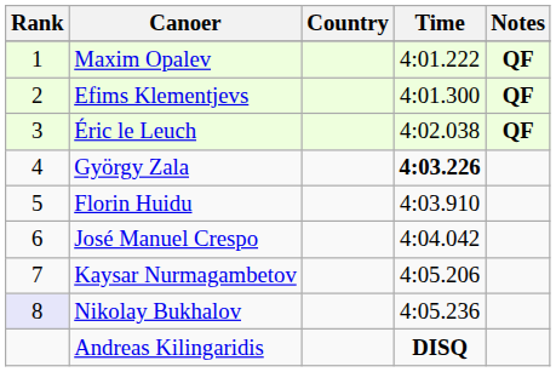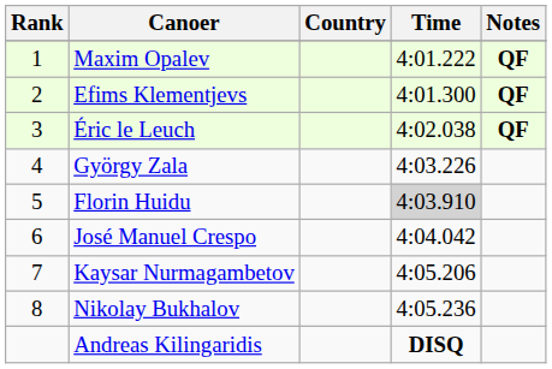 <table class="wikitable sortable" style="text-align:center">
 <tr>
 <th>Rank</th>
 <th>Canoer</th>
 <th>Country</th>
 <th>Time</th>
 <th>Notes</th>
 </tr>
 <tr>
 </tr>
 <tr bgcolor = "eeffdd">
 <td align="center">1</td>
 <td align="left"><a href='#'>Maxim Opalev</a></td>
 <td align="left"></td>
 <td align="center">4:01.222</td>
 <td align="center"><strong>QF</strong></td>
 </tr>
 <tr bgcolor = "eeffdd">
 <td align="center">2</td>
 <td align="left"><a href='#'>Efims Klementjevs</a></td>
 <td align="left"></td>
 <td align="center">4:01.300</td>
 <td align="center"><strong>QF</strong></td>
 </tr>
 <tr bgcolor = "eeffdd">
 <td align="center">3</td>
 <td align="left"><a href='#'>Éric le Leuch</a></td>
 <td align="left"></td>
 <td align="center">4:02.038</td>
 <td align="center"><strong>QF</strong></td>
 </tr>
 <tr>
 <td align="center">4</td>
 <td align="left"><a href='#'>György Zala</a></td>
 <td align="left"></td>
-<td align="center"><strong>4:03.226</strong></td>
+<td align="center">4:03.226</td>
 <td align="center"></td>
 </tr>
 <tr>
 <td align="center">5</td>
 <td align="left"><a href='#'>Florin Huidu</a></td>
 <td align="left"></td>
-<td align="center">4:03.910</td>
+<td align="center" style="background: lightgrey;">4:03.910</td>
 <td align="center"></td>
 </tr>
 <tr>
 <td align="center">6</td>
 <td align="left"><a href='#'>José Manuel Crespo</a></td>
 <td align="left"></td>
 <td align="center">4:04.042</td>
 <td align="center"></td>
 </tr>
 <tr>
 <td align="center">7</td>
 <td align="left"><a href='#'>Kaysar Nurmagambetov</a></td>
 <td align="left"></td>
 <td align="center">4:05.206</td>
 <td align="center"></td>
 </tr>
 <tr>
-<td align="center" style="background: lavender;">8</td>
+<td align="center">8</td>
 <td align="left"><a href='#'>Nikolay Bukhalov</a></td>
 <td align="left"></td>
 <td align="center">4:05.236</td>
 <td align="center"></td>
 </tr>
 <tr>
 <td align="center"></td>
 <td align="left"><a href='#'>Andreas Kilingaridis</a></td>
 <td align="left"></td>
 <td align="center"><strong>DISQ</strong></td>
 <td align="center"></td>
 </tr>
 </table>
